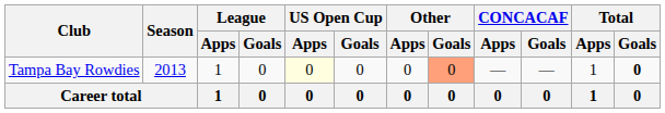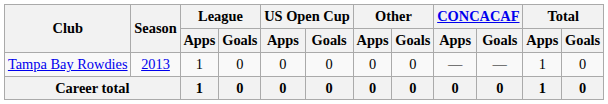 <table class="wikitable" style="font-size:90%; text-align:center;">
 <tr>
 <th rowspan="2">Club</th>
 <th rowspan="2">Season</th>
 <th colspan="2">League</th>
 <th colspan="2">US Open Cup</th>
 <th colspan="2">Other</th>
 <th colspan="2"><a href='#'>CONCACAF</a></th>
 <th colspan="2">Total</th>
 </tr>
 <tr>
 <th>Apps</th>
 <th>Goals</th>
 <th>Apps</th>
 <th>Goals</th>
 <th>Apps</th>
 <th>Goals</th>
 <th>Apps</th>
 <th>Goals</th>
 <th>Apps</th>
 <th>Goals</th>
 </tr>
 <tr>
 <td rowspan="1"><a href='#'>Tampa Bay Rowdies</a></td>
 <td><a href='#'>2013</a></td>
 <td>1</td>
 <td>0</td>
-<td style="background: lightyellow;">0</td>
 <td>0</td>
 <td>0</td>
-<td style="background: lightsalmon;">0</td>
+<td>0</td>
+<td>0</td>
 <td>—</td>
 <td>—</td>
 <td>1</td>
-<td><strong>0</strong></td>
+<td>0</td>
 </tr>
 <tr>
 <th colspan="2">Career total</th>
 <th>1</th>
 <th>0</th>
 <th>0</th>
 <th>0</th>
 <th>0</th>
 <th>0</th>
 <th>0</th>
 <th>0</th>
 <th>1</th>
 <th>0</th>
 </tr>
 </table>
